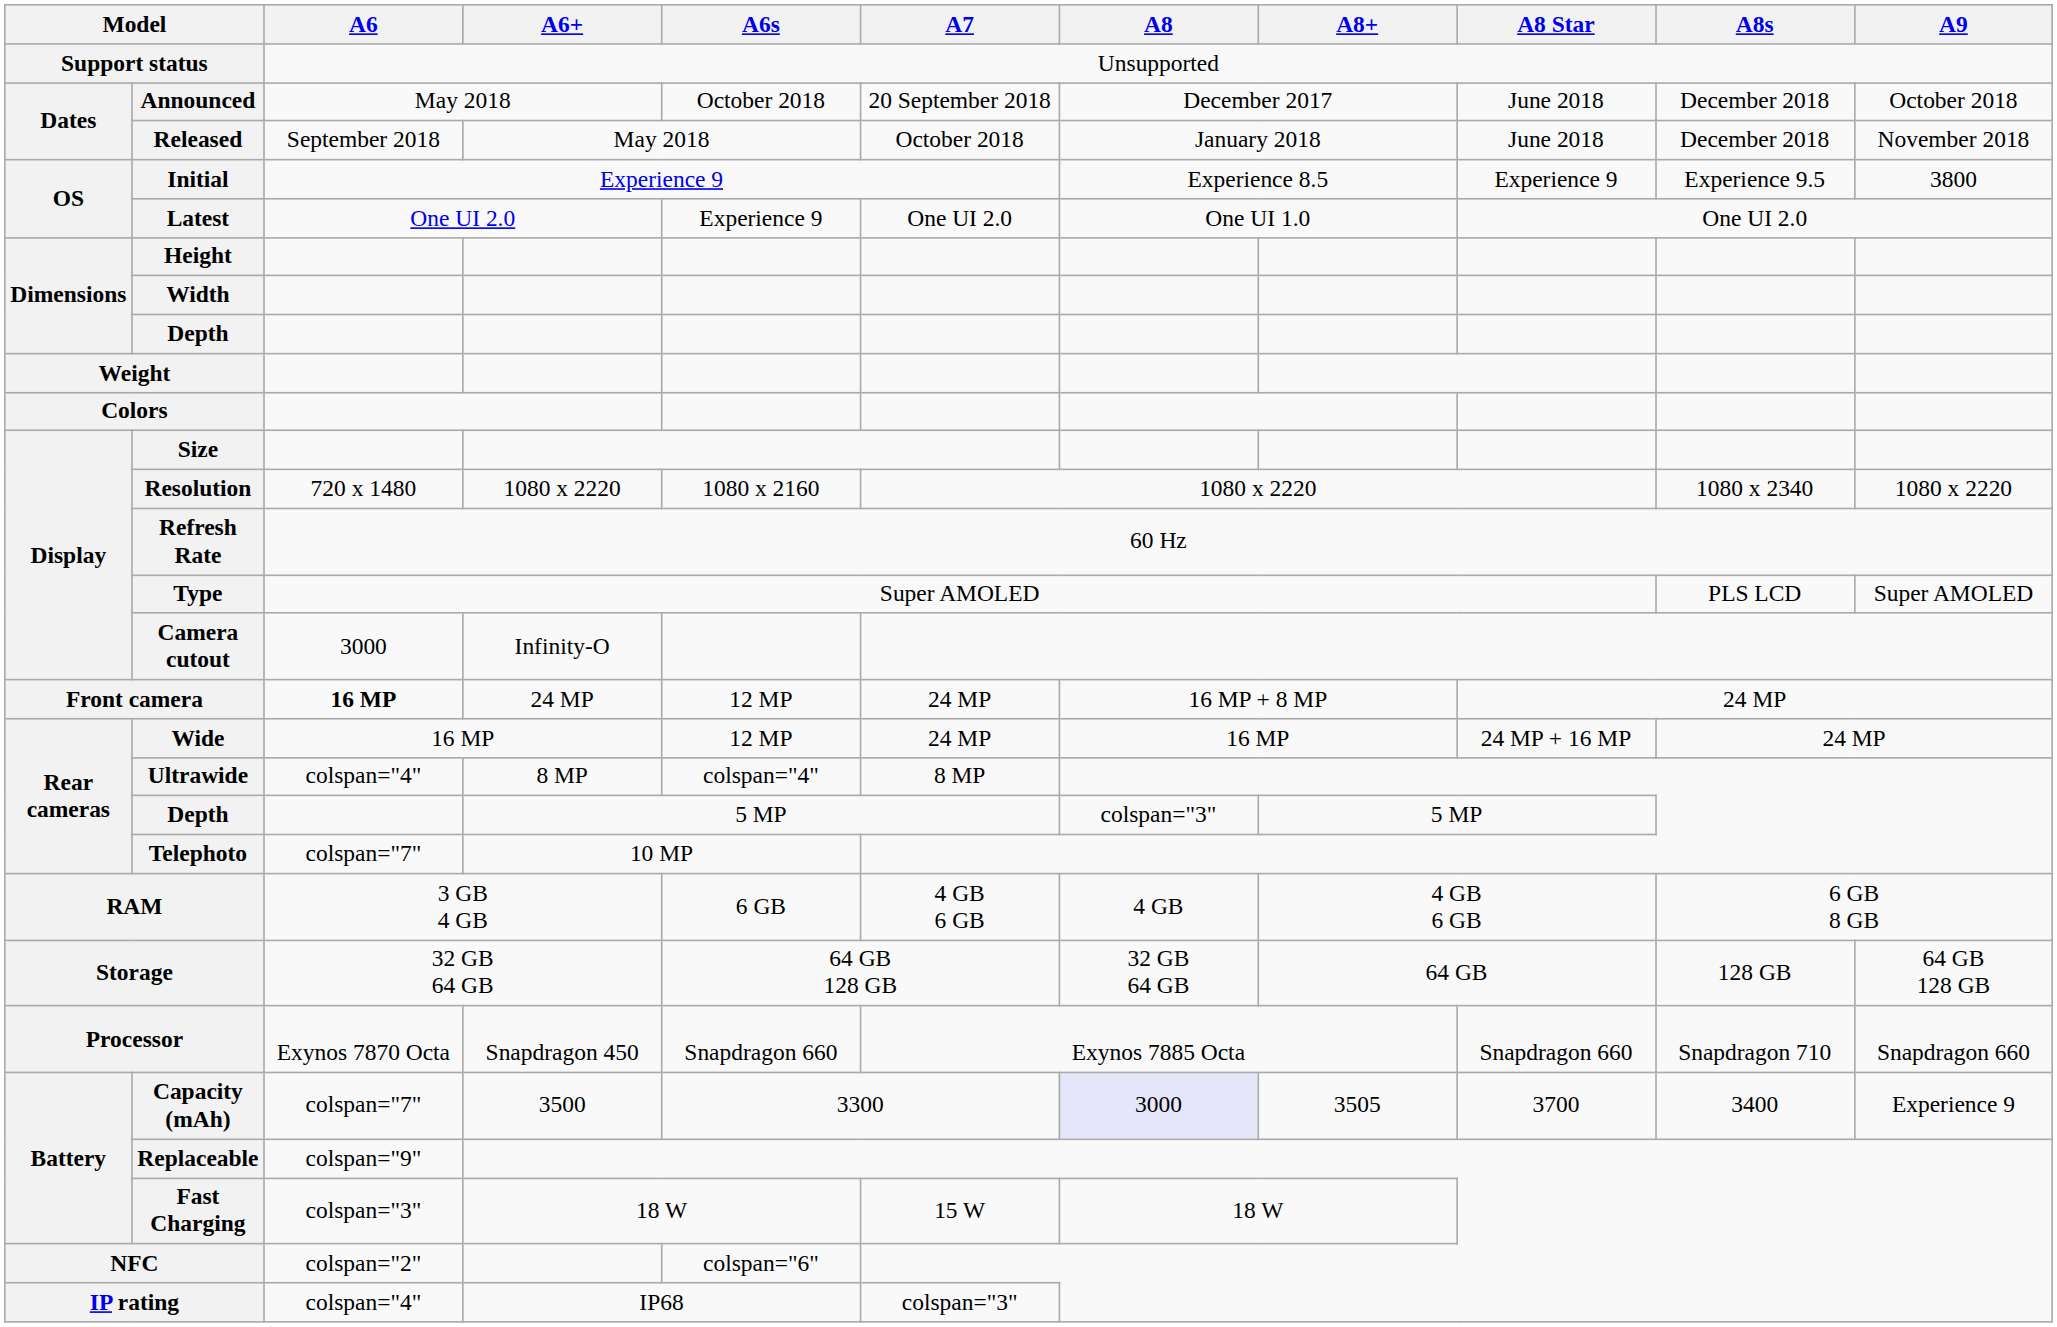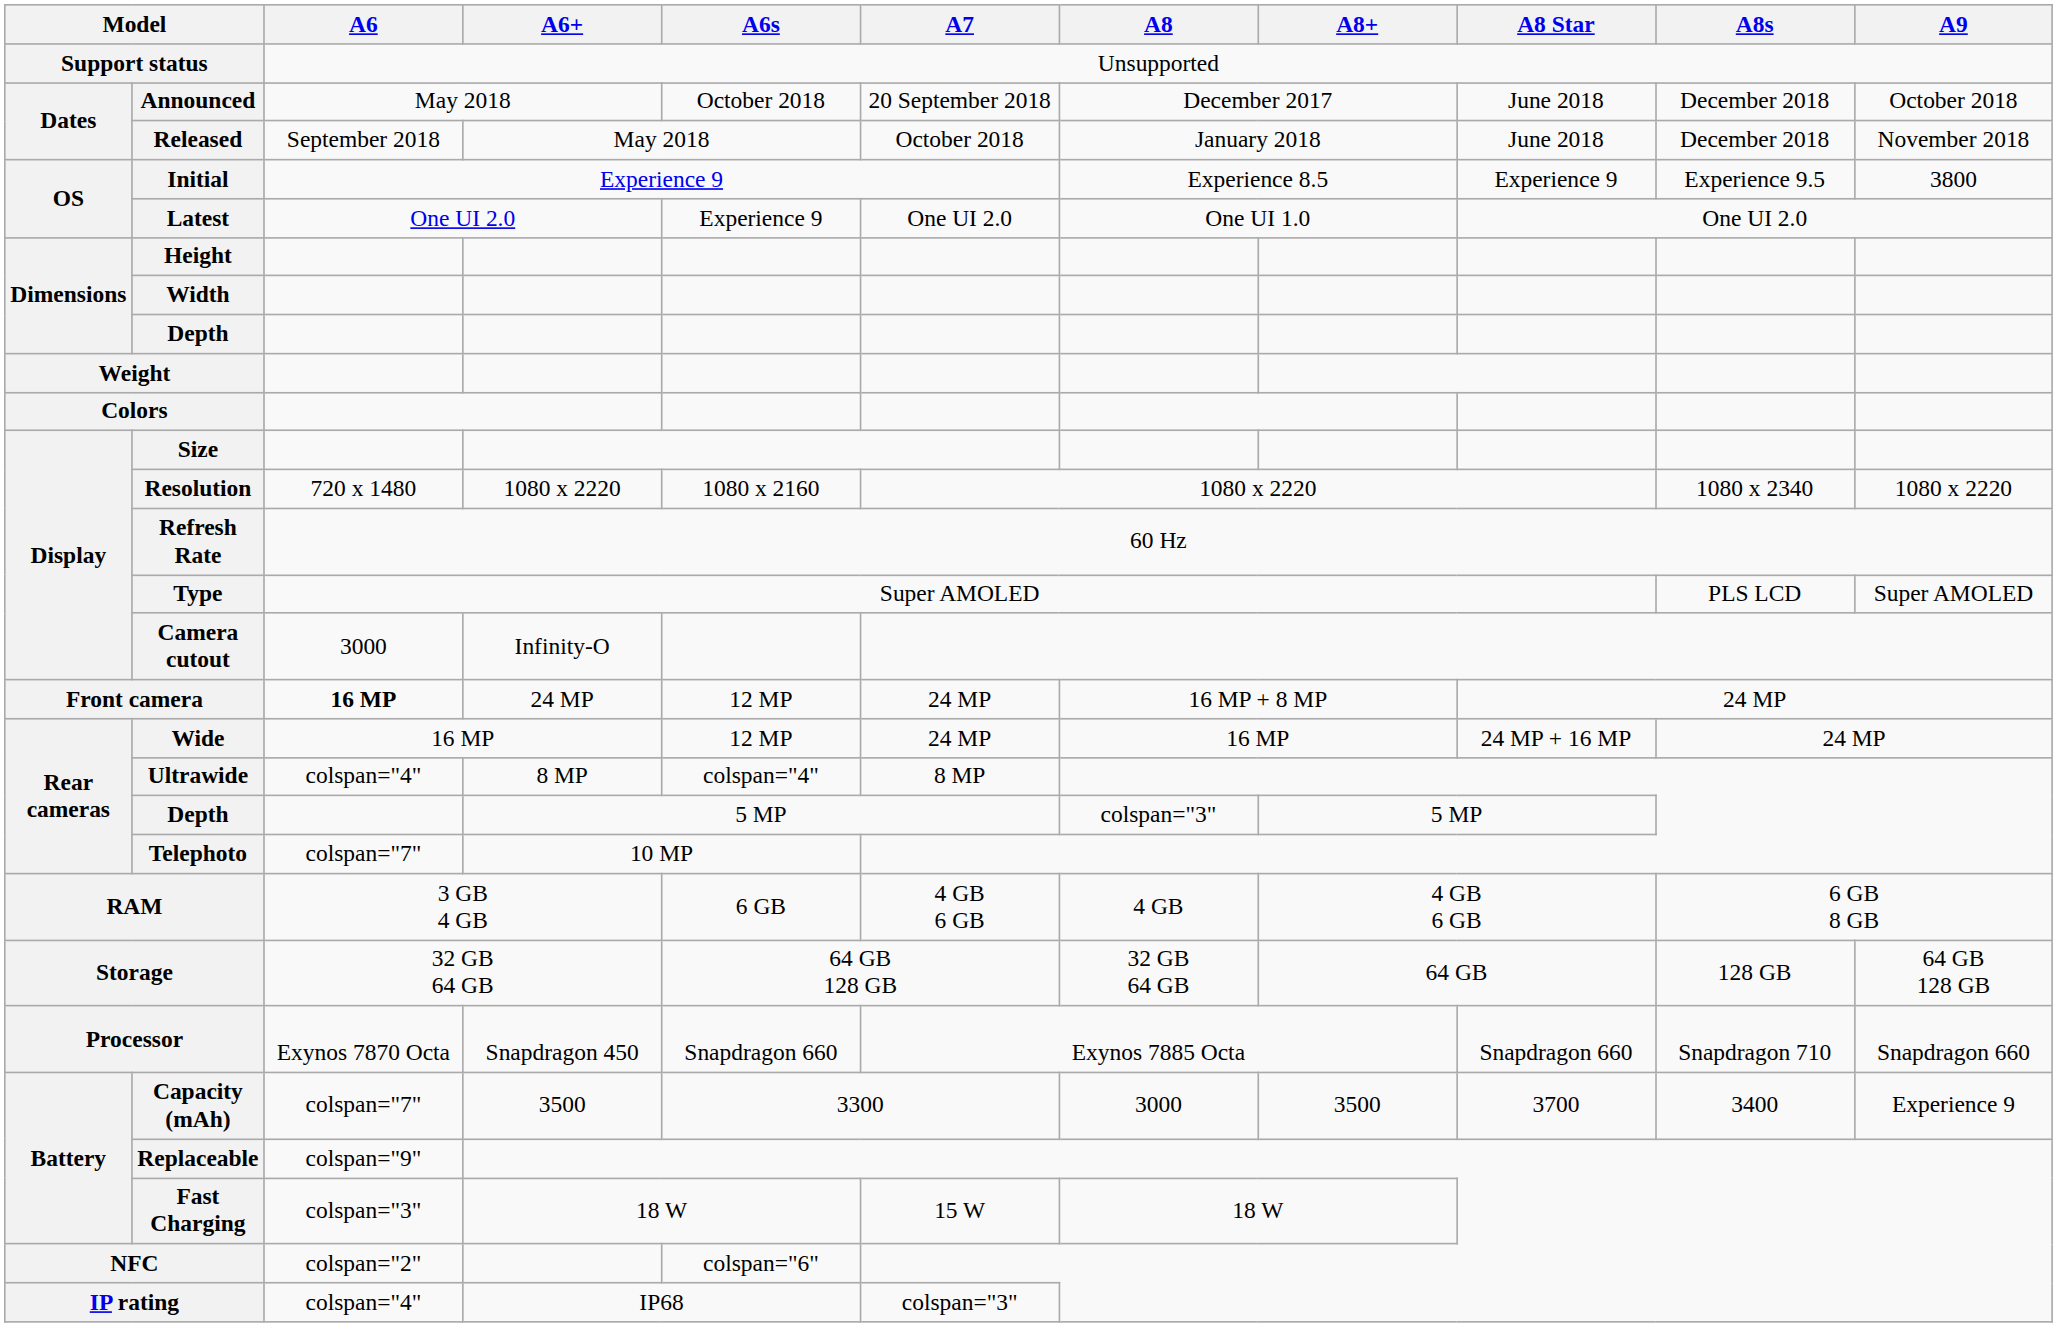 <table class="wikitable" style="text-align:center; font-size:90%;">
 <tr>
 <th colspan="2">Model</th>
 <th style="min-width: 8em"><a href='#'>A6</a></th>
 <th style="min-width: 8em"><a href='#'>A6+</a></th>
 <th style="min-width: 8em"><a href='#'>A6s</a></th>
 <th style="min-width: 8em"><a href='#'>A7</a></th>
 <th style="min-width: 8em"><a href='#'>A8</a></th>
 <th style="min-width: 8em"><a href='#'>A8+</a></th>
 <th style="min-width: 8em"><a href='#'>A8 Star</a></th>
 <th style="min-width: 8em"><a href='#'>A8s</a></th>
 <th style="min-width: 8em"><a href='#'>A9</a></th>
 </tr>
 <tr>
 <th colspan="2">Support status</th>
 <td colspan="9">Unsupported</td>
 </tr>
 <tr>
 <th rowspan="2">Dates</th>
 <th>Announced</th>
 <td colspan="2">May 2018</td>
 <td>October 2018</td>
 <td>20 September 2018</td>
 <td colspan="2">December 2017</td>
 <td>June 2018</td>
 <td>December 2018</td>
 <td>October 2018</td>
 </tr>
 <tr>
 <th>Released</th>
 <td>September 2018</td>
 <td colspan="2">May 2018</td>
 <td>October 2018</td>
 <td colspan="2">January 2018</td>
 <td>June 2018</td>
 <td>December 2018</td>
 <td>November 2018</td>
 </tr>
 <tr>
 <th rowspan="2">OS</th>
 <th>Initial</th>
 <td colspan="4"><a href='#'>Experience 9</a><br></td>
 <td colspan="2">Experience 8.5<br></td>
 <td>Experience 9<br></td>
 <td>Experience 9.5<br></td>
 <td>3800</td>
 </tr>
 <tr>
 <th>Latest</th>
 <td colspan="2"><a href='#'>One UI 2.0</a><br></td>
 <td>Experience 9<br></td>
 <td>One UI 2.0<br></td>
 <td colspan="2">One UI 1.0<br></td>
 <td colspan="3">One UI 2.0<br></td>
 </tr>
 <tr>
 <th rowspan="3">Dimensions<br></th>
 <th>Height</th>
 <td></td>
 <td></td>
 <td></td>
 <td></td>
 <td></td>
 <td></td>
 <td></td>
 <td></td>
 <td></td>
 </tr>
 <tr>
 <th>Width</th>
 <td></td>
 <td></td>
 <td></td>
 <td></td>
 <td></td>
 <td></td>
 <td></td>
 <td></td>
 <td></td>
 </tr>
 <tr>
 <th>Depth</th>
 <td></td>
 <td></td>
 <td></td>
 <td></td>
 <td></td>
 <td></td>
 <td></td>
 <td></td>
 <td></td>
 </tr>
 <tr>
 <th colspan="2">Weight<br></th>
 <td></td>
 <td></td>
 <td></td>
 <td></td>
 <td></td>
 <td colspan="2"></td>
 <td></td>
 <td></td>
 </tr>
 <tr>
 <th colspan="2">Colors</th>
 <td colspan="2">   </td>
 <td>    </td>
 <td>   </td>
 <td colspan="2">   </td>
 <td> </td>
 <td>    </td>
 <td>  </td>
 </tr>
 <tr>
 <th rowspan="5">Display</th>
 <th>Size</th>
 <td></td>
 <td colspan="3"></td>
 <td></td>
 <td></td>
 <td></td>
 <td></td>
 <td></td>
 </tr>
 <tr>
 <th>Resolution</th>
 <td>720 x 1480</td>
 <td>1080 x 2220</td>
 <td>1080 x 2160</td>
 <td colspan="4">1080 x 2220</td>
 <td>1080 x 2340</td>
 <td>1080 x 2220</td>
 </tr>
 <tr>
 <th>Refresh Rate</th>
 <td colspan="9">60 Hz</td>
 </tr>
 <tr>
 <th>Type</th>
 <td colspan="7">Super AMOLED</td>
 <td>PLS LCD</td>
 <td>Super AMOLED</td>
 </tr>
 <tr>
 <th>Camera cutout</th>
 <td>3000</td>
 <td>Infinity-O</td>
 <td></td>
 </tr>
 <tr>
 <th colspan="2">Front camera</th>
 <td><strong>16 MP</strong></td>
 <td>24 MP</td>
 <td>12 MP</td>
 <td>24 MP</td>
 <td colspan="2">16 MP + 8 MP</td>
 <td colspan="3">24 MP</td>
 </tr>
 <tr>
 <th rowspan="4">Rear cameras</th>
 <th>Wide</th>
 <td colspan="2">16 MP</td>
 <td>12 MP</td>
 <td>24 MP</td>
 <td colspan="2">16 MP</td>
 <td>24 MP + 16 MP</td>
 <td colspan="2">24 MP</td>
 </tr>
 <tr>
 <th>Ultrawide</th>
 <td>colspan="4" </td>
 <td>8 MP</td>
 <td>colspan="4" </td>
 <td>8 MP</td>
 </tr>
 <tr>
 <th>Depth</th>
 <td></td>
 <td colspan="3">5 MP</td>
 <td>colspan="3" </td>
 <td colspan="2">5 MP</td>
 </tr>
 <tr>
 <th>Telephoto</th>
 <td>colspan="7" </td>
 <td colspan="2">10 MP</td>
 </tr>
 <tr>
 <th colspan="2">RAM</th>
 <td colspan="2">3 GB<br>4 GB</td>
 <td>6 GB</td>
 <td>4 GB<br>6 GB</td>
 <td>4 GB</td>
 <td colspan="2">4 GB<br>6 GB</td>
 <td colspan="2">6 GB<br>8 GB</td>
 </tr>
 <tr>
 <th colspan="2">Storage</th>
 <td colspan="2">32 GB<br>64 GB</td>
 <td colspan="2">64 GB<br>128 GB</td>
 <td colsapn="2">32 GB<br>64 GB</td>
 <td colspan="2">64 GB</td>
 <td>128 GB</td>
 <td>64 GB<br>128 GB</td>
 </tr>
 <tr>
 <th colspan="2">Processor</th>
 <td><br>Exynos 7870 Octa</td>
 <td><br>Snapdragon 450</td>
 <td><br>Snapdragon 660</td>
 <td colspan="3"><br>Exynos 7885 Octa</td>
 <td><br>Snapdragon 660</td>
 <td><br>Snapdragon 710</td>
 <td><br>Snapdragon 660</td>
 </tr>
 <tr>
 <th rowspan="3">Battery</th>
 <th>Capacity (mAh)</th>
 <td>colspan="7" </td>
 <td>3500</td>
 <td colspan="2">3300</td>
-<td style="background: lavender;">3000</td>
-<td>3505</td>
+<td>3000</td>
+<td>3500</td>
 <td>3700</td>
 <td>3400</td>
 <td>Experience 9<br></td>
 </tr>
 <tr>
 <th>Replaceable</th>
 <td>colspan="9" </td>
 </tr>
 <tr>
 <th>Fast Charging</th>
 <td>colspan="3" </td>
 <td colspan="2">18 W</td>
 <td>15 W</td>
 <td colspan="2">18 W</td>
 </tr>
 <tr>
 <th colspan="2">NFC</th>
 <td>colspan="2" </td>
 <td></td>
 <td>colspan="6" </td>
 </tr>
 <tr>
 <th colspan="2"><a href='#'>IP</a> rating</th>
 <td>colspan="4" </td>
 <td colspan="2">IP68</td>
 <td>colspan="3" </td>
 </tr>
 </table>
